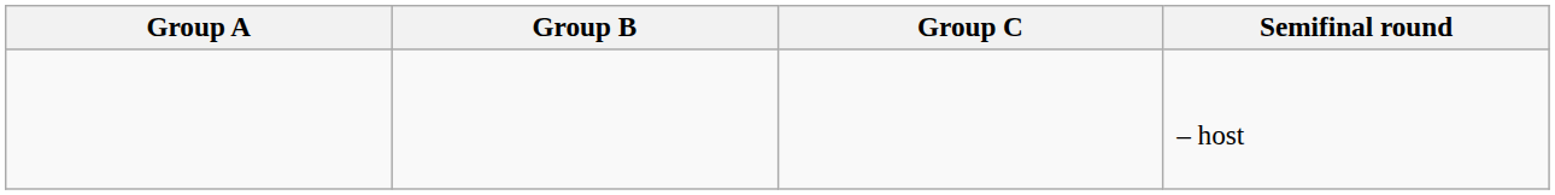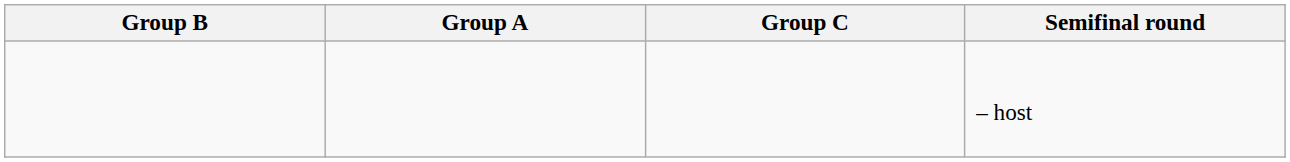 <table class="wikitable" width=100%>
 <tr>
+<th width=25%>Group B</th>
 <th width=25%>Group A</th>
-<th width=25%>Group B</th>
 <th width=25%>Group C</th>
 <th width=25%>Semifinal round</th>
 </tr>
 <tr>
 <td><br><br> <br> <br> </td>
 <td><br><br> <br> <br> </td>
 <td><br><br> <br> <br> </td>
 <td><br> – host<br> </td>
 </tr>
 </table>
